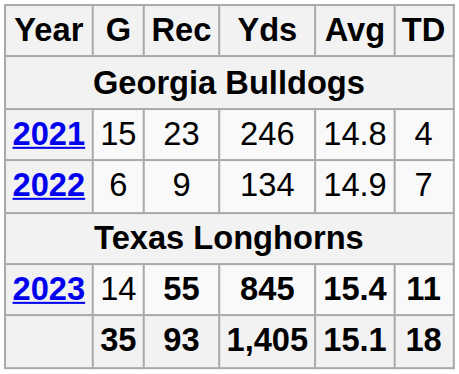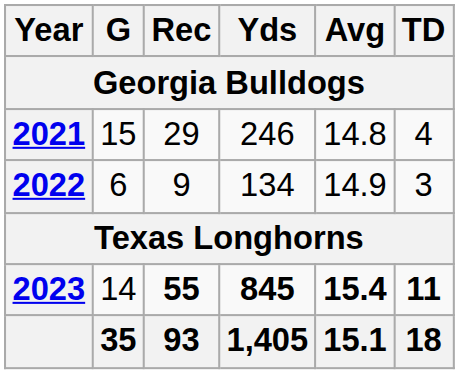 <table class="wikitable" style="text-align: center;">
 <tr>
 <th>Year</th>
 <th>G</th>
 <th>Rec</th>
 <th>Yds</th>
 <th>Avg</th>
 <th>TD</th>
 </tr>
 <tr>
 <th colspan="7">Georgia Bulldogs</th>
 </tr>
 <tr>
 <th><a href='#'>2021</a></th>
 <td>15</td>
-<td>23</td>
+<td>29</td>
 <td>246</td>
 <td>14.8</td>
 <td>4</td>
 </tr>
 <tr>
 <th><a href='#'>2022</a></th>
 <td>6</td>
 <td>9</td>
 <td>134</td>
 <td>14.9</td>
-<td>7</td>
+<td>3</td>
 </tr>
 <tr>
 <th colspan="7">Texas Longhorns</th>
 </tr>
 <tr>
 <th><a href='#'>2023</a></th>
 <td>14</td>
 <td><strong>55</strong></td>
 <td><strong>845</strong></td>
 <td><strong>15.4</strong></td>
 <td><strong>11</strong></td>
 </tr>
 <tr>
 <th colspan="1"></th>
 <th>35</th>
 <th>93</th>
 <th>1,405</th>
 <th>15.1</th>
 <th>18</th>
 </tr>
 </table>
